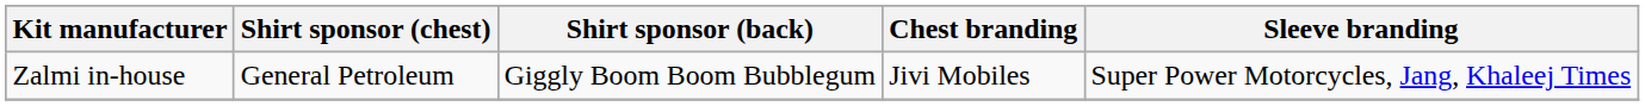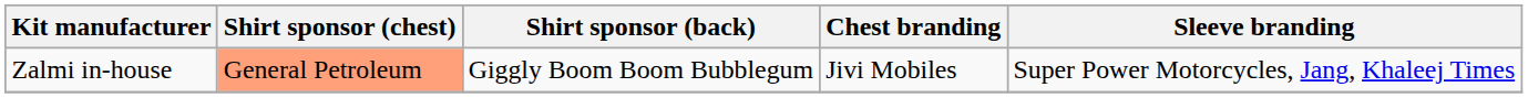 <table class="wikitable"  style="font-size:85%;">
 <tr>
 <th>Kit manufacturer</th>
 <th>Shirt sponsor (chest)</th>
 <th>Shirt sponsor (back)</th>
 <th>Chest branding</th>
 <th>Sleeve branding</th>
 </tr>
 <tr>
 <td>Zalmi in-house</td>
-<td>General Petroleum</td>
+<td style="background: lightsalmon;">General Petroleum</td>
 <td>Giggly Boom Boom Bubblegum</td>
 <td>Jivi Mobiles</td>
 <td>Super Power Motorcycles, <a href='#'>Jang</a>, <a href='#'>Khaleej Times</a></td>
 </tr>
 <tr>
 </tr>
 </table>
